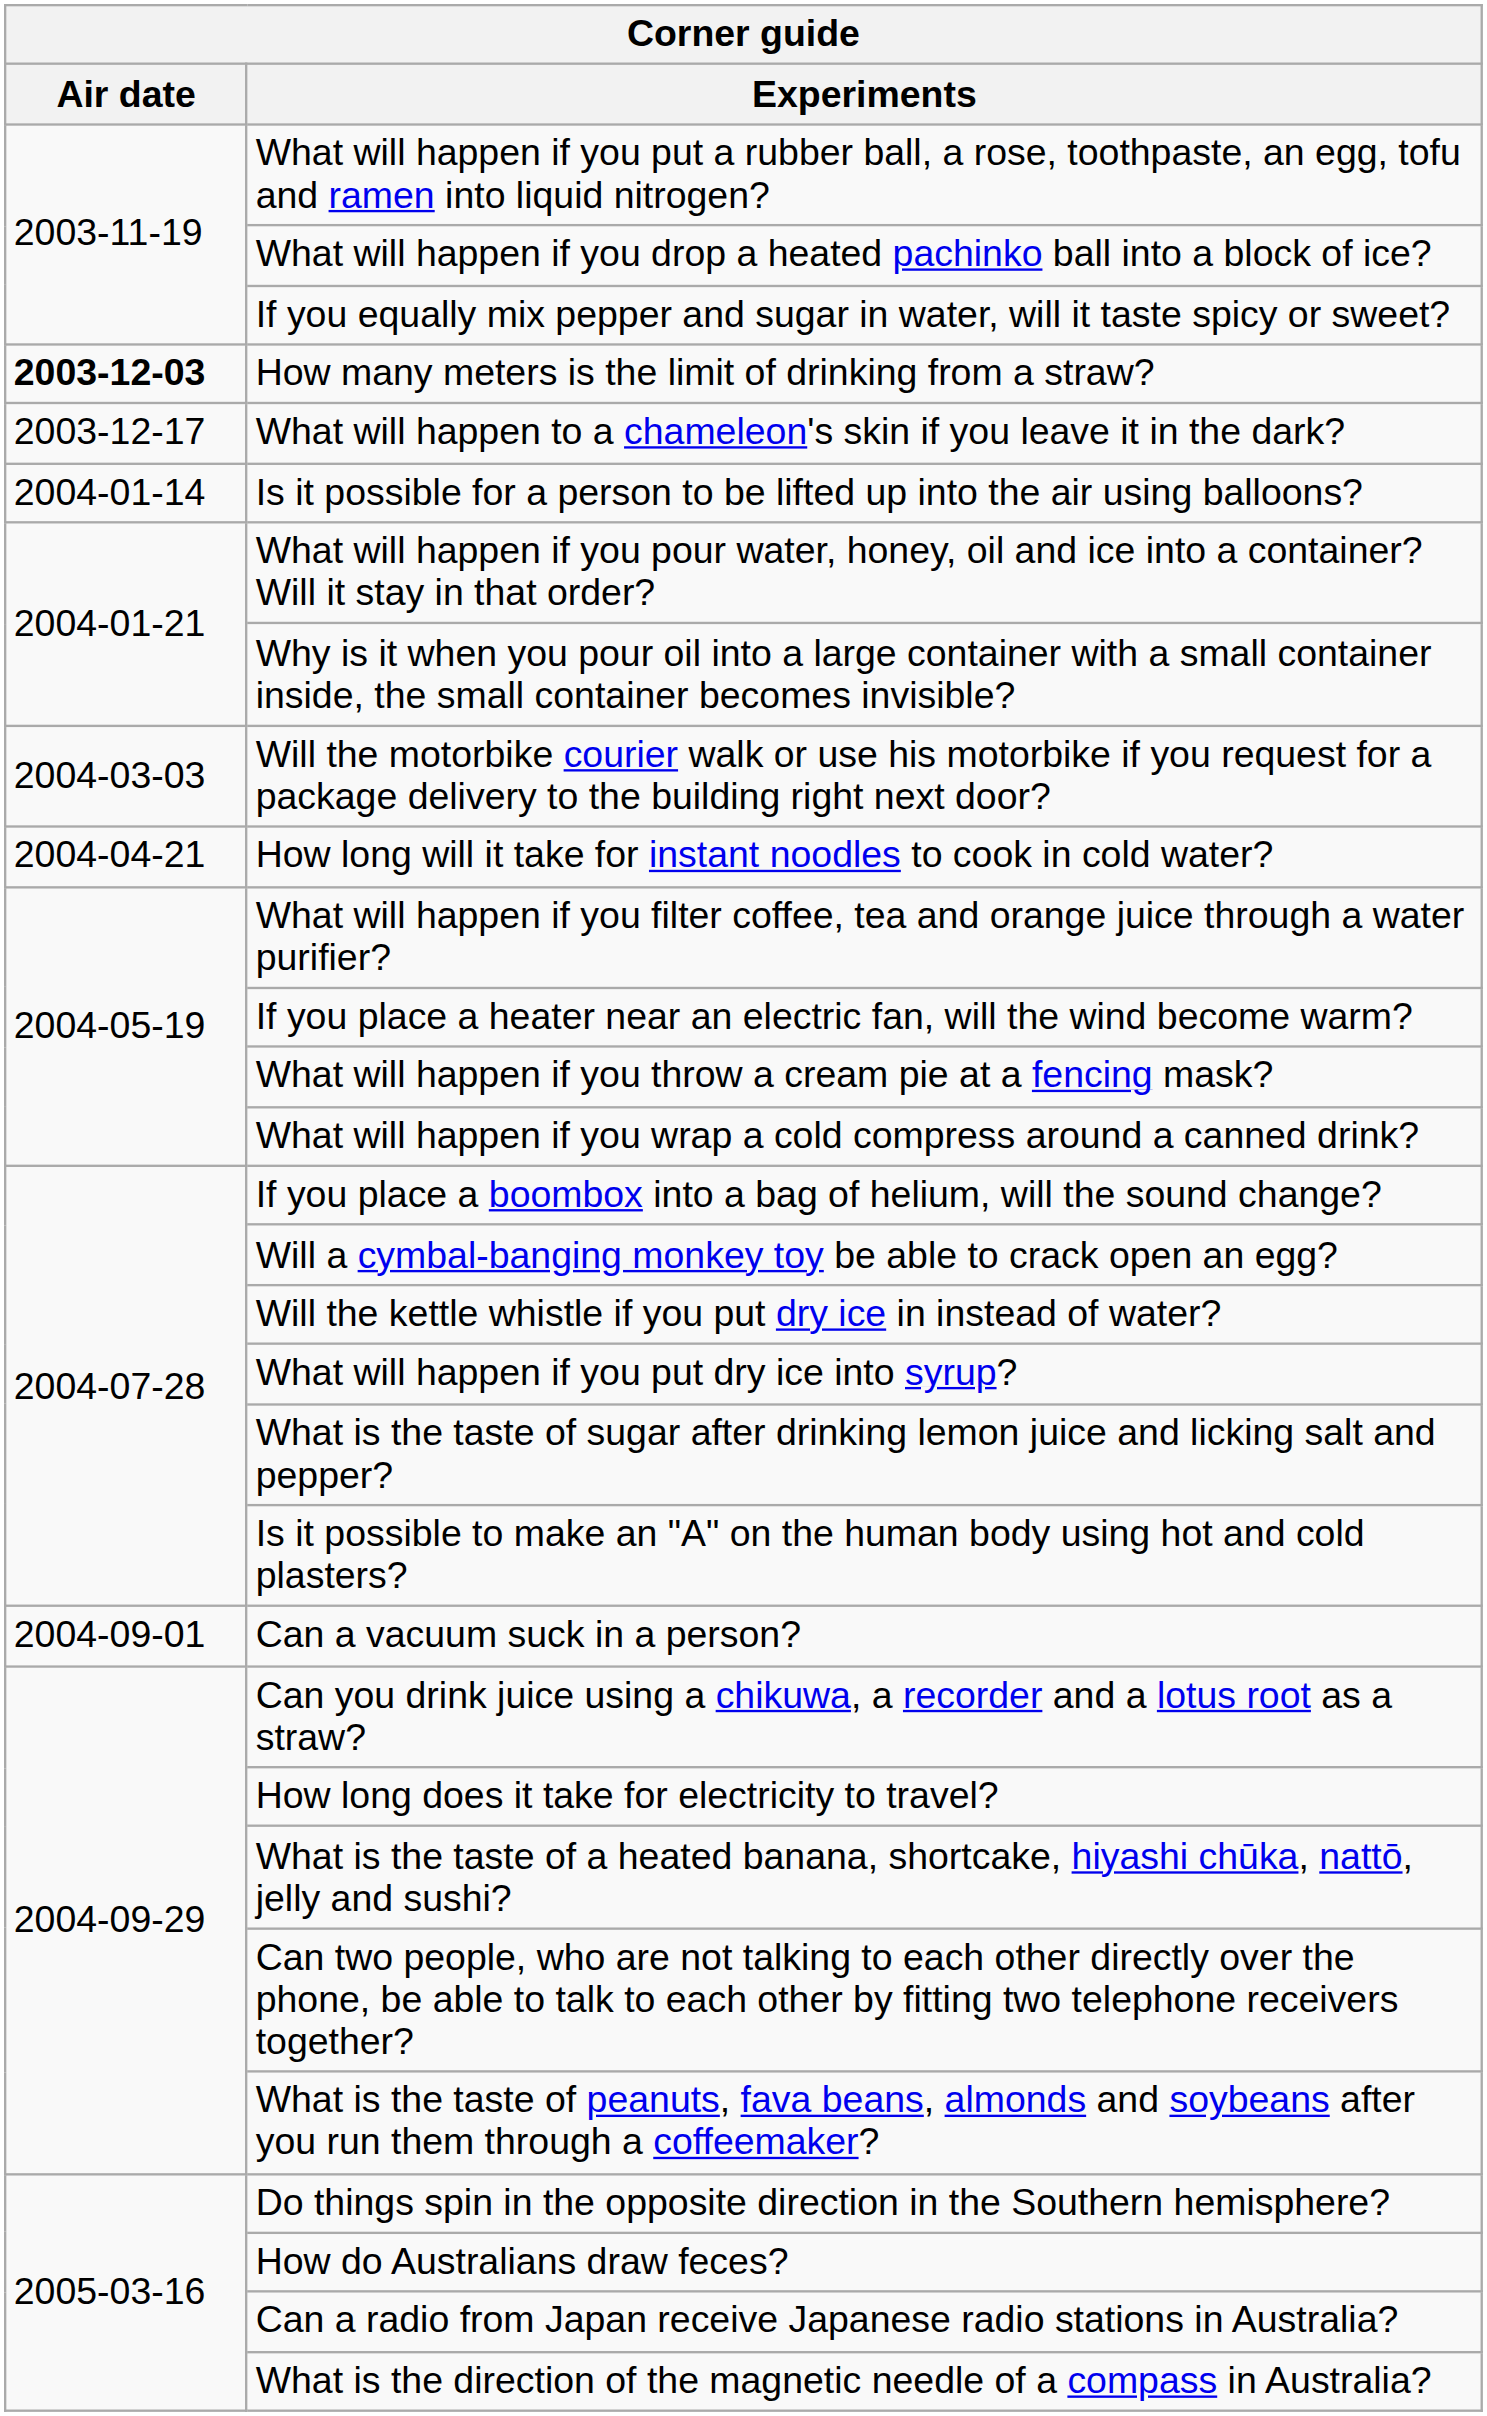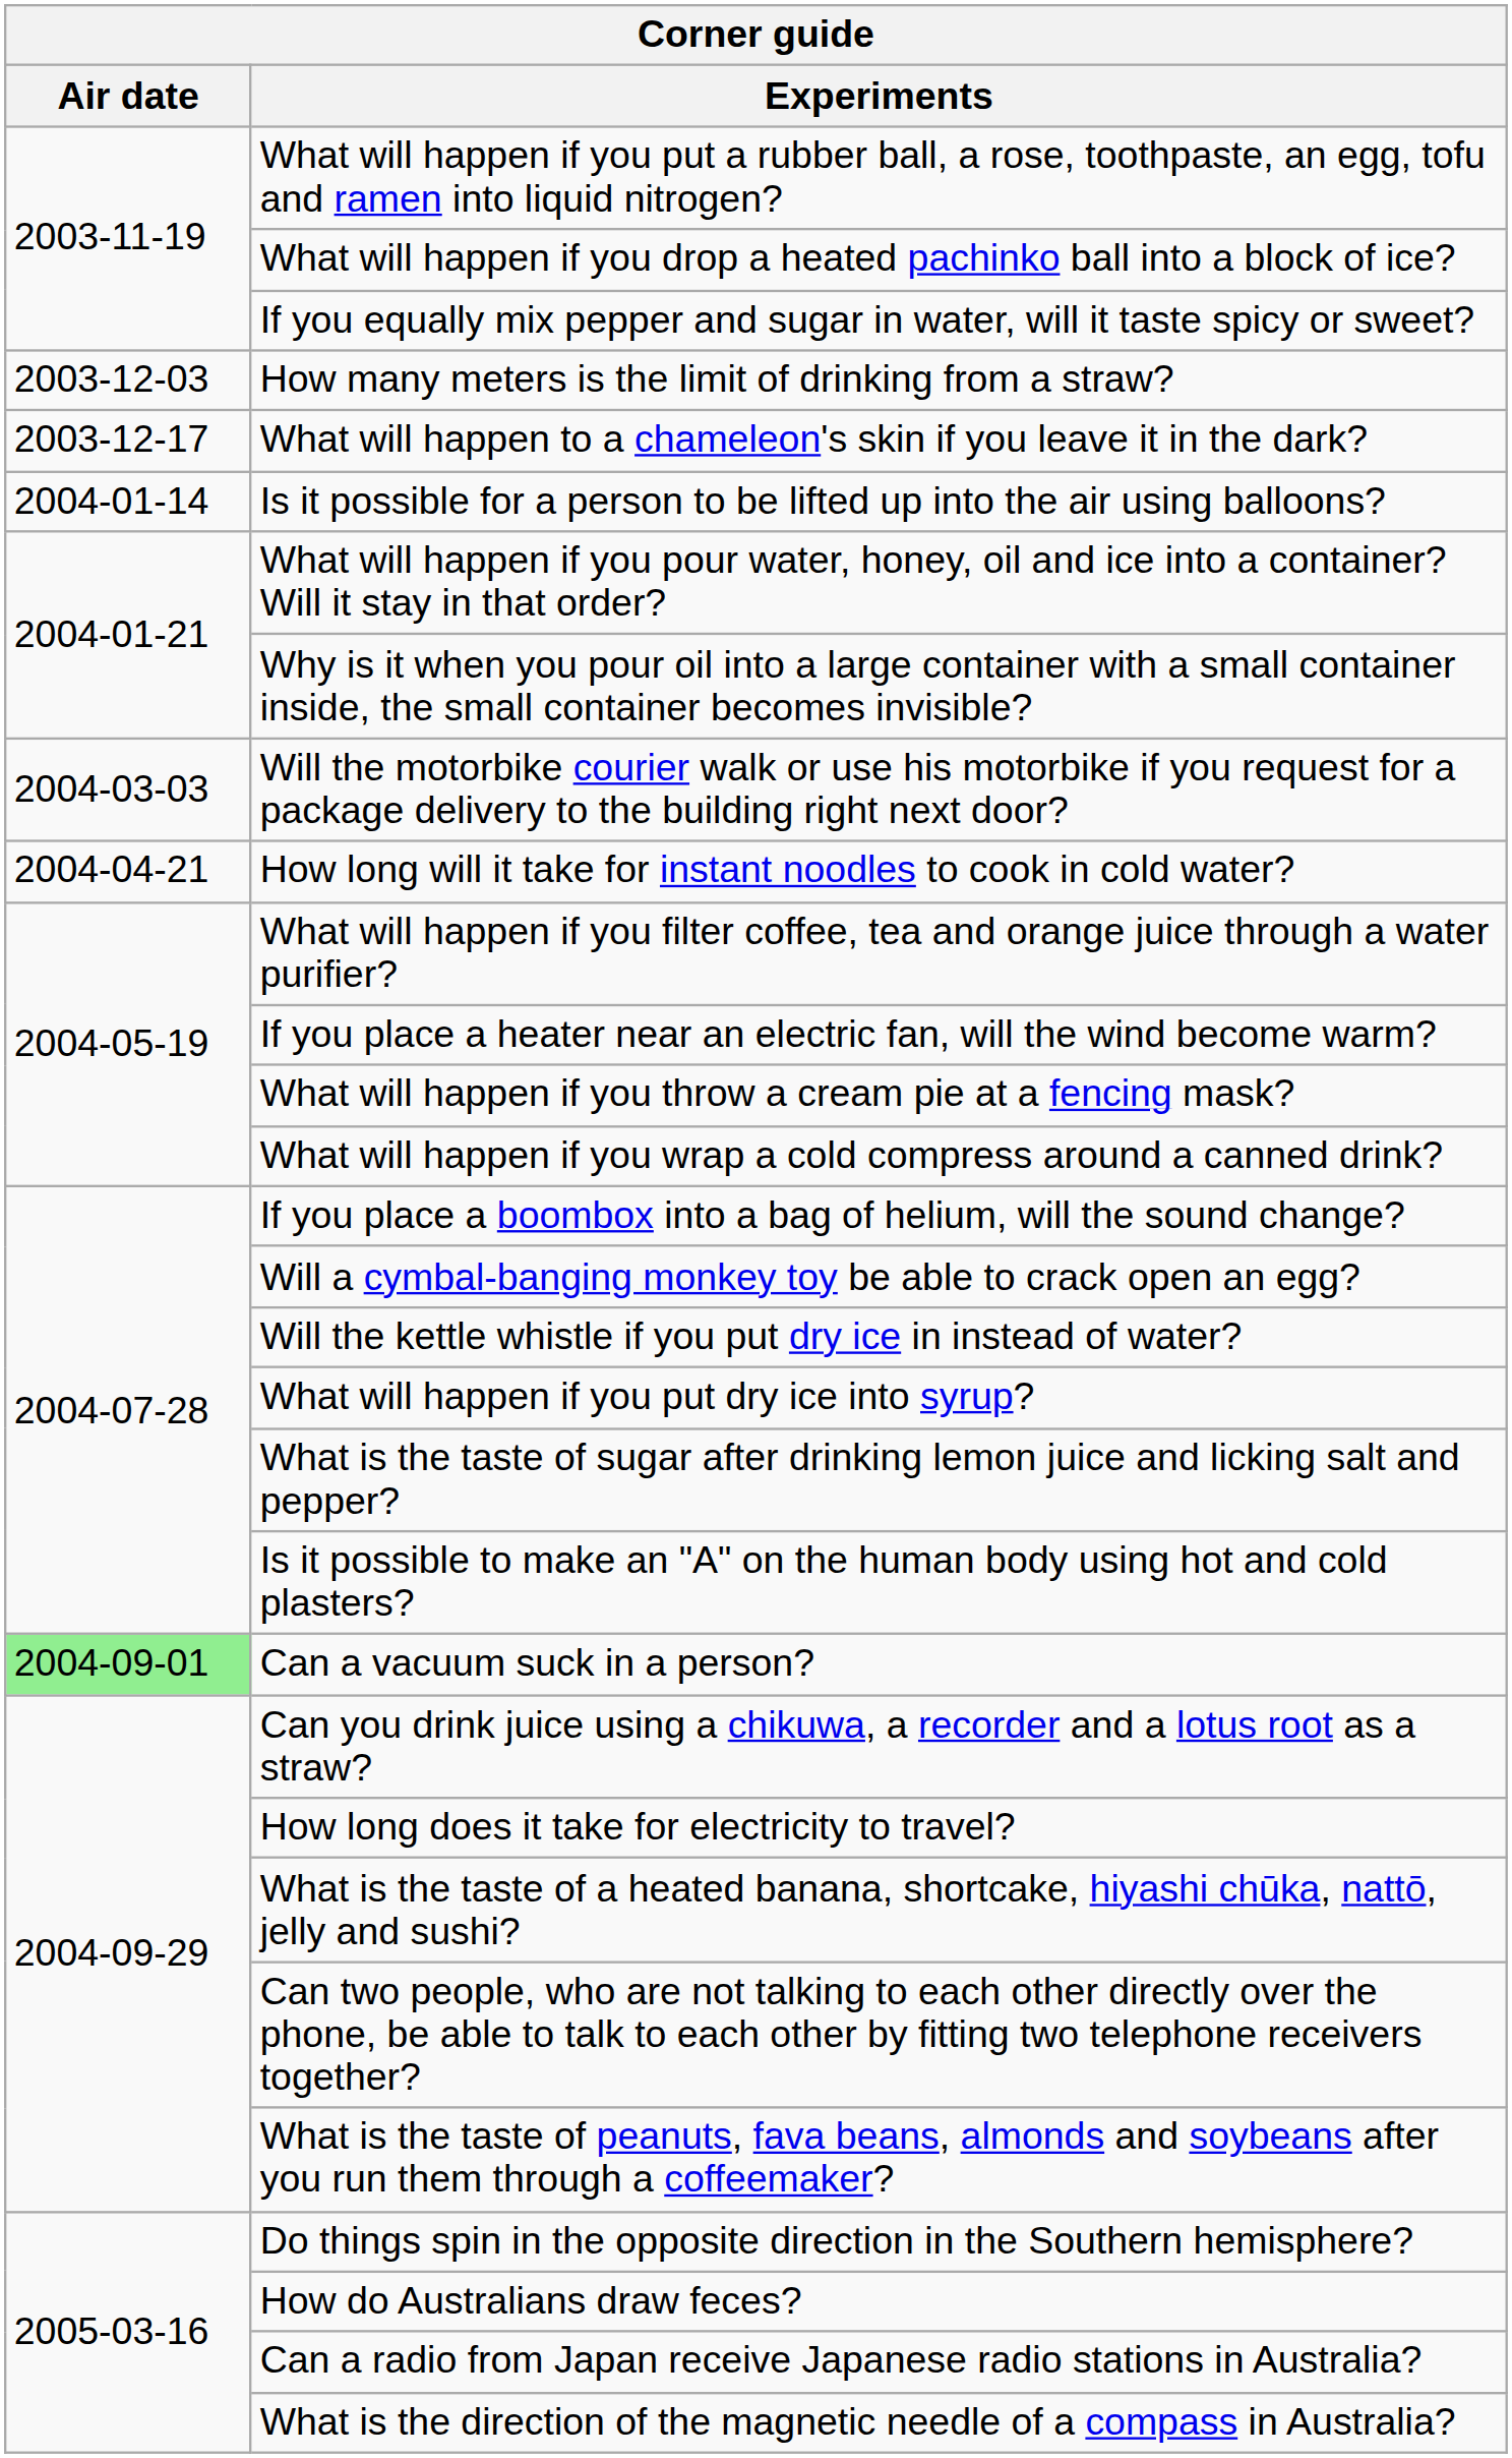 <table class="wikitable collapsible collapsed" style="clear:none; padding:0 auto; width:50%; margin:auto align:left;">
 <tr>
 <th colspan=4>Corner guide</th>
 </tr>
 <tr>
 <th style="width:6em;">Air date</th>
 <th>Experiments</th>
 </tr>
 <tr>
 <td rowspan="3">2003-11-19</td>
 <td>What will happen if you put a rubber ball, a rose, toothpaste, an egg, tofu and <a href='#'>ramen</a> into liquid nitrogen?</td>
 </tr>
 <tr>
 <td>What will happen if you drop a heated <a href='#'>pachinko</a> ball into a block of ice?</td>
 </tr>
 <tr>
 <td>If you equally mix pepper and sugar in water, will it taste spicy or sweet?</td>
 </tr>
 <tr>
-<td><strong>2003-12-03</strong></td>
+<td>2003-12-03</td>
 <td>How many meters is the limit of drinking from a straw?</td>
 </tr>
 <tr>
 <td>2003-12-17</td>
 <td>What will happen to a <a href='#'>chameleon</a>'s skin if you leave it in the dark?</td>
 </tr>
 <tr>
 <td>2004-01-14</td>
 <td>Is it possible for a person to be lifted up into the air using balloons?</td>
 </tr>
 <tr>
 <td rowspan="2">2004-01-21</td>
 <td>What will happen if you pour water, honey, oil and ice into a container? Will it stay in that order?</td>
 </tr>
 <tr>
 <td>Why is it when you pour oil into a large container with a small container inside, the small container becomes invisible?</td>
 </tr>
 <tr>
 <td>2004-03-03</td>
 <td>Will the motorbike <a href='#'>courier</a> walk or use his motorbike if you request for a package delivery to the building right next door?</td>
 </tr>
 <tr>
 <td>2004-04-21</td>
 <td>How long will it take for <a href='#'>instant noodles</a> to cook in cold water?</td>
 </tr>
 <tr>
 <td rowspan="4">2004-05-19</td>
 <td>What will happen if you filter coffee, tea and orange juice through a water purifier?</td>
 </tr>
 <tr>
 <td>If you place a heater near an electric fan, will the wind become warm?</td>
 </tr>
 <tr>
 <td>What will happen if you throw a cream pie at a <a href='#'>fencing</a> mask?</td>
 </tr>
 <tr>
 <td>What will happen if you wrap a cold compress around a canned drink?</td>
 </tr>
 <tr>
 <td rowspan="6">2004-07-28</td>
 <td>If you place a <a href='#'>boombox</a> into a bag of helium, will the sound change?</td>
 </tr>
 <tr>
 <td>Will a <a href='#'>cymbal-banging monkey toy</a> be able to crack open an egg?</td>
 </tr>
 <tr>
 <td>Will the kettle whistle if you put <a href='#'>dry ice</a> in instead of water?</td>
 </tr>
 <tr>
 <td>What will happen if you put dry ice into <a href='#'>syrup</a>?</td>
 </tr>
 <tr>
 <td>What is the taste of sugar after drinking lemon juice and licking salt and pepper?</td>
 </tr>
 <tr>
 <td>Is it possible to make an "A" on the human body using hot and cold plasters?</td>
 </tr>
 <tr>
-<td>2004-09-01</td>
+<td style="background: lightgreen;">2004-09-01</td>
 <td>Can a vacuum suck in a person?</td>
 </tr>
 <tr>
 <td rowspan="5">2004-09-29</td>
 <td>Can you drink juice using a <a href='#'>chikuwa</a>, a <a href='#'>recorder</a> and a <a href='#'>lotus root</a> as a straw?</td>
 </tr>
 <tr>
 <td>How long does it take for electricity to travel?</td>
 </tr>
 <tr>
 <td>What is the taste of a heated banana, shortcake, <a href='#'>hiyashi chūka</a>, <a href='#'>nattō</a>, jelly and sushi?</td>
 </tr>
 <tr>
 <td>Can two people, who are not talking to each other directly over the phone, be able to talk to each other by fitting two telephone receivers together?</td>
 </tr>
 <tr>
 <td>What is the taste of <a href='#'>peanuts</a>, <a href='#'>fava beans</a>, <a href='#'>almonds</a> and <a href='#'>soybeans</a> after you run them through a <a href='#'>coffeemaker</a>?</td>
 </tr>
 <tr>
 <td rowspan="4">2005-03-16</td>
 <td>Do things spin in the opposite direction in the Southern hemisphere?</td>
 </tr>
 <tr>
 <td>How do Australians draw feces?</td>
 </tr>
 <tr>
 <td>Can a radio from Japan receive Japanese radio stations in Australia?</td>
 </tr>
 <tr>
 <td>What is the direction of the magnetic needle of a <a href='#'>compass</a> in Australia?</td>
 </tr>
 </table>
